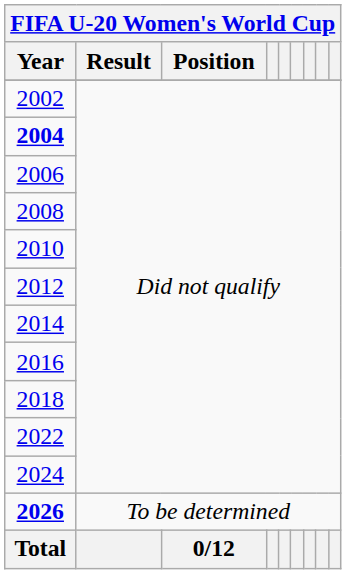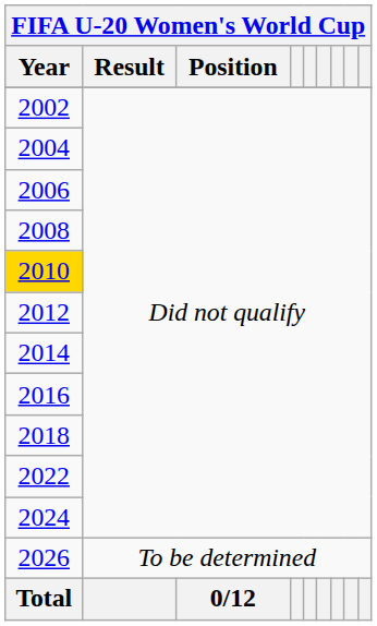 <table class="wikitable" style="text-align: center;">
 <tr>
 <th colspan=9><a href='#'>FIFA U-20 Women's World Cup</a></th>
 </tr>
 <tr>
 <th>Year</th>
 <th>Result</th>
 <th>Position</th>
 <th></th>
 <th></th>
 <th></th>
 <th></th>
 <th></th>
 <th></th>
 </tr>
 <tr>
 </tr>
 <tr>
 <td> <a href='#'>2002</a></td>
 <td rowspan=11 colspan=8><em>Did not qualify</em></td>
 </tr>
 <tr>
-<td><strong> <a href='#'>2004</a></strong></td>
+<td> <a href='#'>2004</a></td>
 </tr>
 <tr>
 <td> <a href='#'>2006</a></td>
 </tr>
 <tr>
 <td> <a href='#'>2008</a></td>
 </tr>
 <tr>
-<td> <a href='#'>2010</a></td>
+<td style="background: gold;"> <a href='#'>2010</a></td>
 </tr>
 <tr>
 <td> <a href='#'>2012</a></td>
 </tr>
 <tr>
 <td> <a href='#'>2014</a></td>
 </tr>
 <tr>
 <td> <a href='#'>2016</a></td>
 </tr>
 <tr>
 <td> <a href='#'>2018</a></td>
 </tr>
 <tr>
 <td> <a href='#'>2022</a></td>
 </tr>
 <tr>
 <td> <a href='#'>2024</a></td>
 </tr>
 <tr>
-<td><strong> <a href='#'>2026</a></strong></td>
+<td> <a href='#'>2026</a></td>
 <td colspan=8><em>To be determined</em></td>
 </tr>
 <tr>
 <th><strong>Total</strong></th>
 <th></th>
 <th>0/12</th>
 <th></th>
 <th></th>
 <th></th>
 <th></th>
 <th></th>
 <th></th>
 </tr>
 </table>
